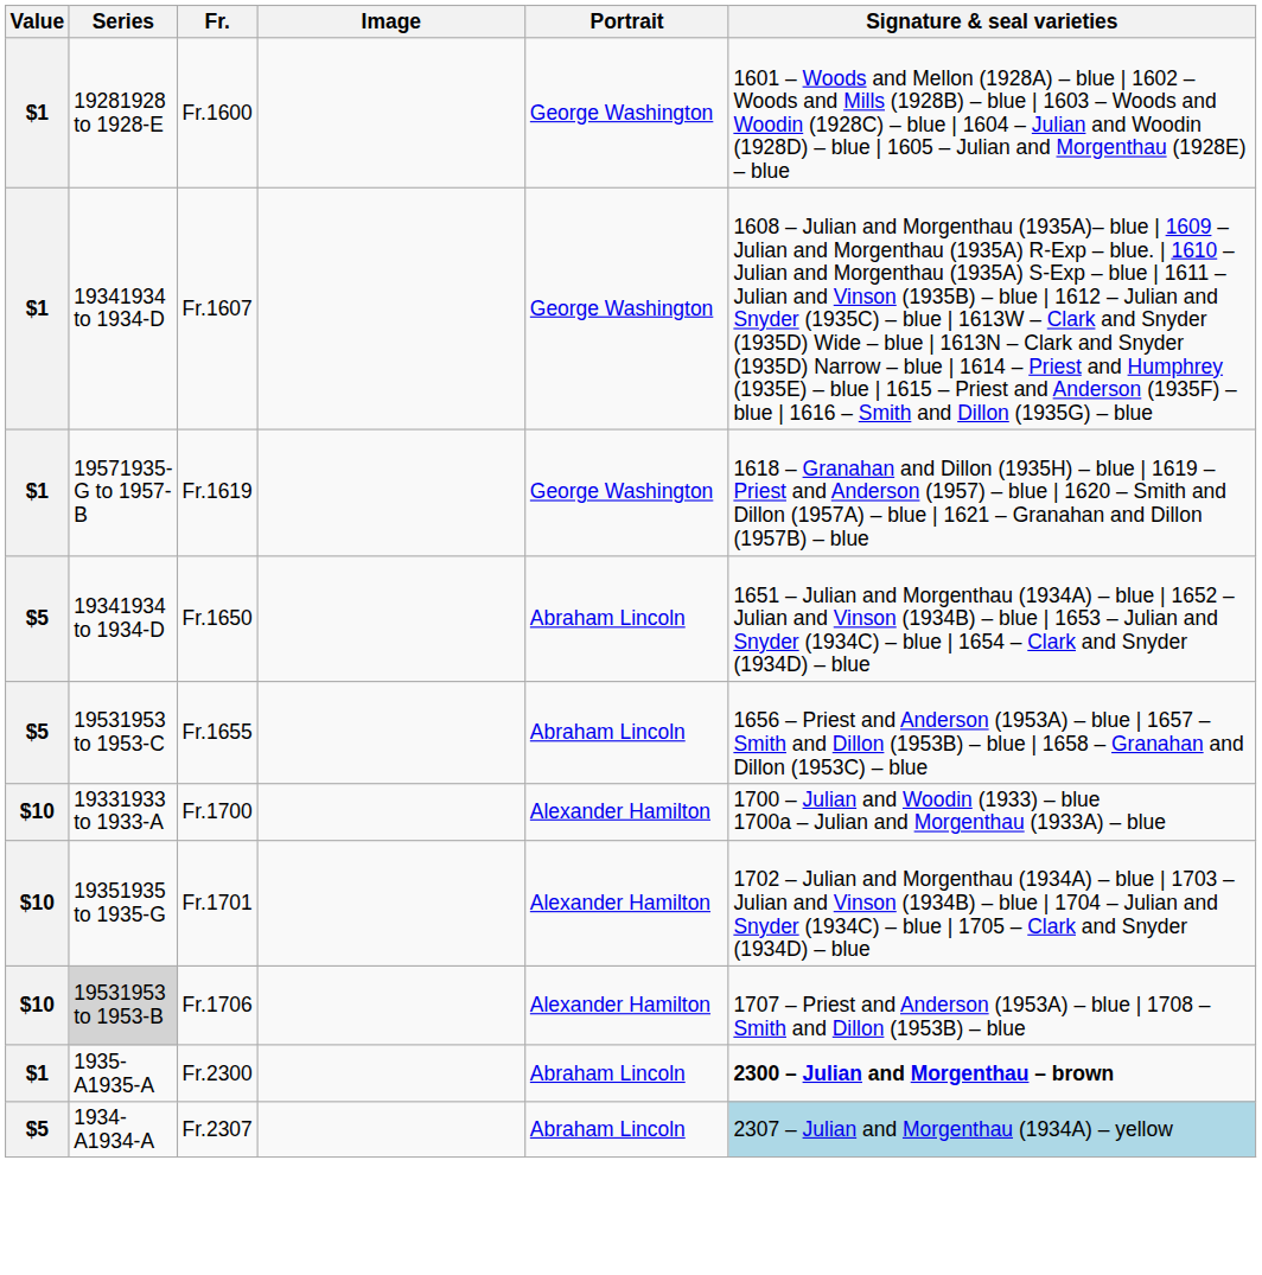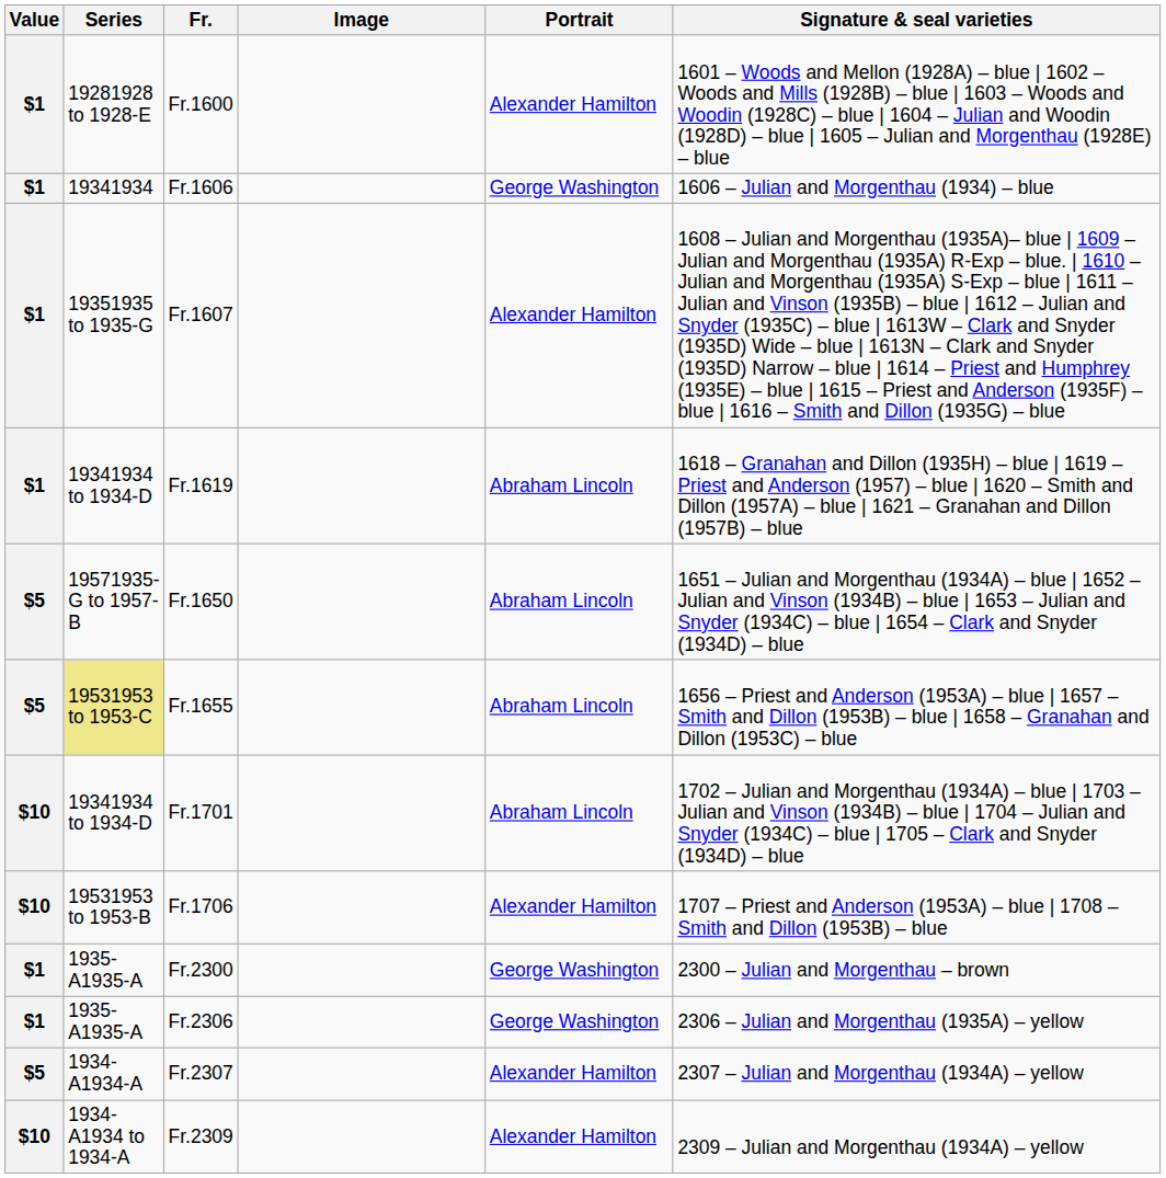 <table class="wikitable sortable">
 <tr>
 <th scope="col" style="width:30px;">Value</th>
 <th scope="col" style="width:40px;">Series</th>
 <th scope="col" style="width:40px; ">Fr.</th>
 <th scope="col" style="width:200px;">Image</th>
 <th scope="col" style="width:150px;" class="unsortable">Portrait</th>
 <th scope="col" style="width:400px;" class="unsortable">Signature & seal varieties</th>
 </tr>
 <tr>
 <th scope="row">$1</th>
 <td><span>1928</span>1928 to 1928-E</td>
 <td>Fr.1600</td>
 <td></td>
-<td><a href='#'>George Washington</a></td>
+<td><a href='#'>Alexander Hamilton</a></td>
 <td 1600 – ><br>1601 – <a href='#'>Woods</a> and Mellon (1928A) – blue |  1602 – Woods and <a href='#'>Mills</a> (1928B) – blue |  1603 – Woods and <a href='#'>Woodin</a> (1928C) – blue |  1604 – <a href='#'>Julian</a> and Woodin (1928D) – blue |  1605 – Julian and <a href='#'>Morgenthau</a> (1928E) – blue</td>
 </tr>
 <tr>
 <th scope="row">$1</th>
-<td><span>1934</span>1934 to 1934-D</td>
+<td><span>1934</span>1934</td>
+<td>Fr.1606</td>
+<td></td>
+<td><a href='#'>George Washington</a></td>
+<td>1606 – <a href='#'>Julian</a> and <a href='#'>Morgenthau</a> (1934) – blue</td>
+</tr>
+<tr>
+<th scope="row">$1</th>
+<td><span>1935</span>1935 to 1935-G</td>
 <td>Fr.1607</td>
 <td></td>
-<td><a href='#'>George Washington</a></td>
+<td><a href='#'>Alexander Hamilton</a></td>
 <td 1607 – ><br>1608 – Julian and Morgenthau (1935A)– blue |  <a href='#'>1609</a> – Julian and Morgenthau (1935A) R-Exp – blue. |  <a href='#'>1610</a> – Julian and Morgenthau (1935A) S-Exp – blue |  1611 – Julian and <a href='#'>Vinson</a> (1935B) – blue |  1612 – Julian and <a href='#'>Snyder</a> (1935C) – blue |  1613W – <a href='#'>Clark</a> and Snyder (1935D) Wide – blue |  1613N – Clark and Snyder (1935D) Narrow – blue |  1614 – <a href='#'>Priest</a> and <a href='#'>Humphrey</a> (1935E) – blue |  1615 – Priest and <a href='#'>Anderson</a> (1935F) – blue |  1616 – <a href='#'>Smith</a> and <a href='#'>Dillon</a> (1935G) – blue</td>
 </tr>
 <tr>
 <th scope="row">$1</th>
-<td><span>1957</span>1935-G to 1957-B</td>
+<td><span>1934</span>1934 to 1934-D</td>
 <td>Fr.1619</td>
 <td></td>
-<td><a href='#'>George Washington</a></td>
+<td><a href='#'>Abraham Lincoln</a></td>
 <td 1617 – ><br>1618 – <a href='#'>Granahan</a> and Dillon (1935H) – blue |  1619 – <a href='#'>Priest</a> and <a href='#'>Anderson</a> (1957) – blue |  1620 – Smith and Dillon (1957A) – blue |  1621 – Granahan and Dillon (1957B) – blue</td>
 </tr>
 <tr>
 <th scope="row">$5</th>
-<td><span>1934</span>1934 to 1934-D</td>
+<td><span>1957</span>1935-G to 1957-B</td>
 <td>Fr.1650</td>
 <td></td>
 <td><a href='#'>Abraham Lincoln</a></td>
 <td 1650 – ><br>1651 – Julian and Morgenthau (1934A) – blue |  1652 – Julian and <a href='#'>Vinson</a> (1934B) – blue |  1653 – Julian and <a href='#'>Snyder</a> (1934C) – blue |  1654 – <a href='#'>Clark</a> and Snyder (1934D) – blue</td>
 </tr>
 <tr>
 <th scope="row">$5</th>
-<td><span>1953</span>1953 to 1953-C</td>
+<td style="background: khaki;"><span>1953</span>1953 to 1953-C</td>
 <td>Fr.1655</td>
 <td></td>
 <td><a href='#'>Abraham Lincoln</a></td>
 <td 1655 – ><br>1656 – Priest and <a href='#'>Anderson</a> (1953A) – blue |  1657 – <a href='#'>Smith</a> and <a href='#'>Dillon</a> (1953B) – blue |  1658 – <a href='#'>Granahan</a> and Dillon (1953C) – blue</td>
 </tr>
 <tr>
 <th scope="row">$10</th>
-<td><span>1933</span>1933 to 1933-A</td>
-<td>Fr.1700</td>
-<td></td>
-<td><a href='#'>Alexander Hamilton</a></td>
-<td>1700 – <a href='#'>Julian</a> and <a href='#'>Woodin</a> (1933) – blue<br>1700a – Julian and <a href='#'>Morgenthau</a> (1933A) – blue</td>
-</tr>
-<tr>
-<th scope="row">$10</th>
-<td><span>1935</span>1935 to 1935-G</td>
+<td><span>1934</span>1934 to 1934-D</td>
 <td>Fr.1701</td>
 <td></td>
-<td><a href='#'>Alexander Hamilton</a></td>
+<td><a href='#'>Abraham Lincoln</a></td>
 <td 1701 – ><br>1702 – Julian and Morgenthau (1934A) – blue |  1703 – Julian and <a href='#'>Vinson</a> (1934B) – blue |  1704 – Julian and <a href='#'>Snyder</a> (1934C) – blue |  1705 – <a href='#'>Clark</a> and Snyder (1934D) – blue</td>
 </tr>
 <tr>
 <th scope="row">$10</th>
-<td style="background: lightgrey;"><span>1953</span>1953 to 1953-B</td>
+<td><span>1953</span>1953 to 1953-B</td>
 <td>Fr.1706</td>
 <td></td>
 <td><a href='#'>Alexander Hamilton</a></td>
 <td 1706 – ><br>1707 – Priest and <a href='#'>Anderson</a> (1953A) – blue |  1708 – <a href='#'>Smith</a> and <a href='#'>Dillon</a> (1953B) – blue</td>
 </tr>
 <tr>
 <th scope="row">$1</th>
 <td><span>1935-A</span>1935-A</td>
 <td>Fr.2300</td>
 <td></td>
-<td><a href='#'>Abraham Lincoln</a></td>
-<td><strong>2300 – <a href='#'>Julian</a> and <a href='#'>Morgenthau</a> – brown</strong></td>
+<td><a href='#'>George Washington</a></td>
+<td>2300 – <a href='#'>Julian</a> and <a href='#'>Morgenthau</a> – brown</td>
+</tr>
+<tr>
+<th scope="row">$1</th>
+<td><span>1935-A</span>1935-A</td>
+<td>Fr.2306</td>
+<td></td>
+<td><a href='#'>George Washington</a></td>
+<td>2306 – <a href='#'>Julian</a> and <a href='#'>Morgenthau</a> (1935A) – yellow</td>
 </tr>
 <tr>
 <th scope="row">$5</th>
 <td><span>1934-A</span>1934-A</td>
 <td>Fr.2307</td>
 <td></td>
-<td><a href='#'>Abraham Lincoln</a></td>
-<td style="background: lightblue;">2307 – <a href='#'>Julian</a> and <a href='#'>Morgenthau</a>  (1934A) – yellow</td>
+<td><a href='#'>Alexander Hamilton</a></td>
+<td>2307 – <a href='#'>Julian</a> and <a href='#'>Morgenthau</a>  (1934A) – yellow</td>
+</tr>
+<tr>
+<th scope="row">$10</th>
+<td><span>1934-A</span>1934 to 1934-A</td>
+<td>Fr.2309</td>
+<td></td>
+<td><a href='#'>Alexander Hamilton</a></td>
+<td 2308 – ><br>2309 – Julian and Morgenthau (1934A) – yellow</td>
 </tr>
 <tr>
 </tr>
 </table>
